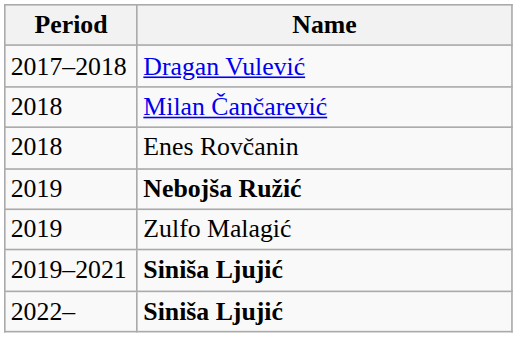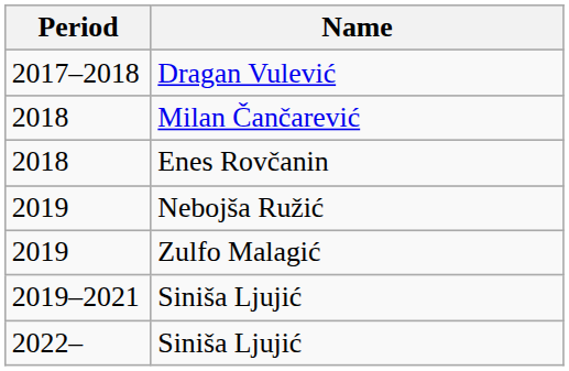 <table class="wikitable">
 <tr>
 <th width="75">Period</th>
 <th width="225">Name</th>
 </tr>
 <tr>
 <td>2017–2018</td>
 <td> <a href='#'>Dragan Vulević</a></td>
 </tr>
 <tr>
 <td>2018</td>
 <td> <a href='#'>Milan Čančarević</a></td>
 </tr>
 <tr>
 <td>2018</td>
 <td> Enes Rovčanin</td>
 </tr>
 <tr>
 <td>2019</td>
-<td><strong> Nebojša Ružić</strong></td>
+<td> Nebojša Ružić</td>
 </tr>
 <tr>
 <td>2019</td>
 <td> Zulfo Malagić</td>
 </tr>
 <tr>
 <td>2019–2021</td>
-<td><strong> Siniša Ljujić</strong></td>
+<td> Siniša Ljujić</td>
 </tr>
 <tr>
 <td>2022–</td>
-<td><strong> Siniša Ljujić</strong></td>
+<td> Siniša Ljujić</td>
 </tr>
 </table>
